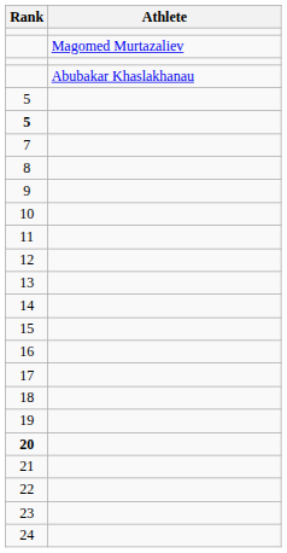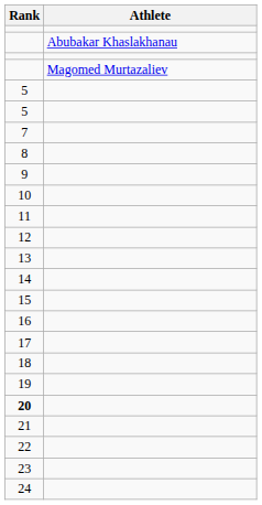 <table class="wikitable" style="text-align: center;">
 <tr>
 <th width=40>Rank</th>
 <th width=250>Athlete</th>
 </tr>
 <tr>
 <td></td>
 <td align="left"></td>
 </tr>
 <tr>
 <td></td>
-<td align="left"> <a href='#'>Magomed Murtazaliev</a> </td>
+<td align="left"> <a href='#'>Abubakar Khaslakhanau</a> </td>
 </tr>
 <tr>
 <td></td>
 <td align="left"></td>
 </tr>
 <tr>
 <td></td>
-<td align="left"> <a href='#'>Abubakar Khaslakhanau</a> </td>
+<td align="left"> <a href='#'>Magomed Murtazaliev</a> </td>
 </tr>
 <tr>
 <td>5</td>
 <td align="left"></td>
 </tr>
 <tr>
-<td><strong>5</strong></td>
+<td>5</td>
 <td align="left"></td>
 </tr>
 <tr>
 <td>7</td>
 <td align="left"></td>
 </tr>
 <tr>
 <td>8</td>
 <td align="left"></td>
 </tr>
 <tr>
 <td>9</td>
 <td align="left"></td>
 </tr>
 <tr>
 <td>10</td>
 <td align="left"></td>
 </tr>
 <tr>
 <td>11</td>
 <td align="left"></td>
 </tr>
 <tr>
 <td>12</td>
 <td align="left"></td>
 </tr>
 <tr>
 <td>13</td>
 <td align="left"></td>
 </tr>
 <tr>
 <td>14</td>
 <td align="left"></td>
 </tr>
 <tr>
 <td>15</td>
 <td align="left"></td>
 </tr>
 <tr>
 <td>16</td>
 <td align="left"></td>
 </tr>
 <tr>
 <td>17</td>
 <td align="left"></td>
 </tr>
 <tr>
 <td>18</td>
 <td align="left"></td>
 </tr>
 <tr>
 <td>19</td>
 <td align="left"></td>
 </tr>
 <tr>
 <td><strong>20</strong></td>
 <td align="left"></td>
 </tr>
 <tr>
 <td>21</td>
 <td align="left"></td>
 </tr>
 <tr>
 <td>22</td>
 <td align="left"></td>
 </tr>
 <tr>
 <td>23</td>
 <td align="left"></td>
 </tr>
 <tr>
 <td>24</td>
 <td align="left"></td>
 </tr>
 </table>
